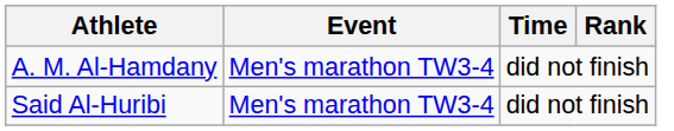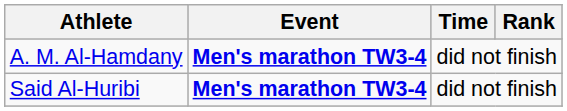 <table class="wikitable" style="font-size:90%">
 <tr>
 <th>Athlete</th>
 <th>Event</th>
 <th>Time</th>
 <th>Rank</th>
 </tr>
 <tr>
 <td><a href='#'>A. M. Al-Hamdany</a></td>
-<td><a href='#'>Men's marathon TW3-4</a></td>
+<td><strong><a href='#'>Men's marathon TW3-4</a></strong></td>
 <td align="center" colspan="2">did not finish</td>
 </tr>
 <tr>
 <td><a href='#'>Said Al-Huribi</a></td>
-<td><a href='#'>Men's marathon TW3-4</a></td>
+<td><strong><a href='#'>Men's marathon TW3-4</a></strong></td>
 <td align="center" colspan="2">did not finish</td>
 </tr>
 </table>
